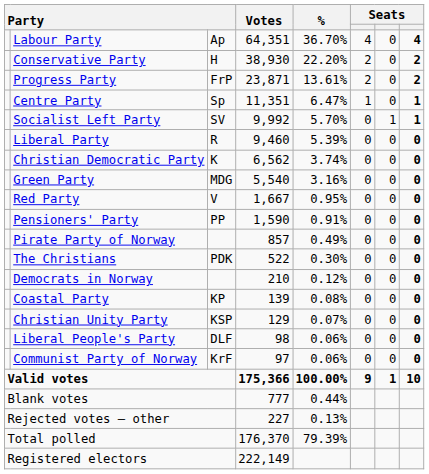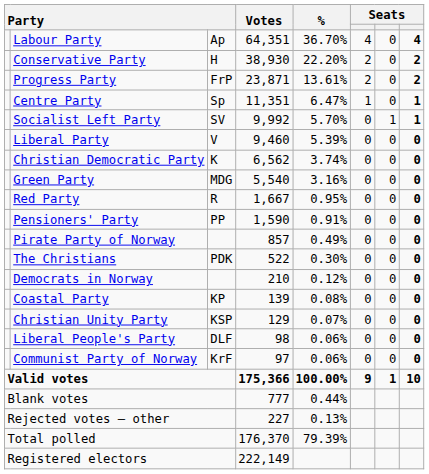 <table class="wikitable" border="1" style="text-align:right;">
 <tr>
 <th style="text-align:left;" valign=bottom rowspan=2 colspan=3>Party</th>
 <th align=center valign=bottom rowspan=2 width="50">Votes</th>
 <th align=center valign=bottom rowspan=2 width="50">%</th>
 <th colspan=3>Seats</th>
 </tr>
 <tr>
 <th align=center valign=bottom width="20"><small></small></th>
 <th align=center valign=bottom width="20"><small><a href='#'></a></small></th>
 <th align=center valign=bottom width="20"><small></small></th>
 </tr>
 <tr>
 <td style="color:inherit;background:"></td>
 <td align=left><a href='#'>Labour Party</a></td>
 <td align=left>Ap</td>
 <td>64,351</td>
 <td>36.70%</td>
 <td>4</td>
 <td>0</td>
 <td><strong>4</strong></td>
 </tr>
 <tr>
 <td style="color:inherit;background:"></td>
 <td align=left><a href='#'>Conservative Party</a></td>
 <td align=left>H</td>
 <td>38,930</td>
 <td>22.20%</td>
 <td>2</td>
 <td>0</td>
 <td><strong>2</strong></td>
 </tr>
 <tr>
 <td style="color:inherit;background:"></td>
 <td align=left><a href='#'>Progress Party</a></td>
 <td align=left>FrP</td>
 <td>23,871</td>
 <td>13.61%</td>
 <td>2</td>
 <td>0</td>
 <td><strong>2</strong></td>
 </tr>
 <tr>
 <td style="color:inherit;background:"></td>
 <td align=left><a href='#'>Centre Party</a></td>
 <td align=left>Sp</td>
 <td>11,351</td>
 <td>6.47%</td>
 <td>1</td>
 <td>0</td>
 <td><strong>1</strong></td>
 </tr>
 <tr>
 <td style="color:inherit;background:"></td>
 <td align=left><a href='#'>Socialist Left Party</a></td>
 <td align=left>SV</td>
 <td>9,992</td>
 <td>5.70%</td>
 <td>0</td>
 <td>1</td>
 <td><strong>1</strong></td>
 </tr>
 <tr>
 <td style="color:inherit;background:"></td>
 <td align=left><a href='#'>Liberal Party</a></td>
-<td align=left>R</td>
+<td align=left>V</td>
 <td>9,460</td>
 <td>5.39%</td>
 <td>0</td>
 <td>0</td>
 <td><strong>0</strong></td>
 </tr>
 <tr>
 <td style="color:inherit;background:"></td>
 <td align=left><a href='#'>Christian Democratic Party</a></td>
 <td align=left>K</td>
 <td>6,562</td>
 <td>3.74%</td>
 <td>0</td>
 <td>0</td>
 <td><strong>0</strong></td>
 </tr>
 <tr>
 <td style="color:inherit;background:"></td>
 <td align=left><a href='#'>Green Party</a></td>
 <td align=left>MDG</td>
 <td>5,540</td>
 <td>3.16%</td>
 <td>0</td>
 <td>0</td>
 <td><strong>0</strong></td>
 </tr>
 <tr>
 <td style="color:inherit;background:"></td>
 <td align=left><a href='#'>Red Party</a></td>
-<td align=left>V</td>
+<td align=left>R</td>
 <td>1,667</td>
 <td>0.95%</td>
 <td>0</td>
 <td>0</td>
 <td><strong>0</strong></td>
 </tr>
 <tr>
 <td style="color:inherit;background:"></td>
 <td align=left><a href='#'>Pensioners' Party</a></td>
 <td align=left>PP</td>
 <td>1,590</td>
 <td>0.91%</td>
 <td>0</td>
 <td>0</td>
 <td><strong>0</strong></td>
 </tr>
 <tr>
 <td style="color:inherit;background:"></td>
 <td align=left><a href='#'>Pirate Party of Norway</a></td>
 <td align=left></td>
 <td>857</td>
 <td>0.49%</td>
 <td>0</td>
 <td>0</td>
 <td><strong>0</strong></td>
 </tr>
 <tr>
 <td style="color:inherit;background:"></td>
 <td align=left><a href='#'>The Christians</a></td>
 <td align=left>PDK</td>
 <td>522</td>
 <td>0.30%</td>
 <td>0</td>
 <td>0</td>
 <td><strong>0</strong></td>
 </tr>
 <tr>
 <td style="color:inherit;background:"></td>
 <td align=left><a href='#'>Democrats in Norway</a></td>
 <td align=left></td>
 <td>210</td>
 <td>0.12%</td>
 <td>0</td>
 <td>0</td>
 <td><strong>0</strong></td>
 </tr>
 <tr>
 <td style="color:inherit;background:"></td>
 <td align=left><a href='#'>Coastal Party</a></td>
 <td align=left>KP</td>
 <td>139</td>
 <td>0.08%</td>
 <td>0</td>
 <td>0</td>
 <td><strong>0</strong></td>
 </tr>
 <tr>
 <td style="color:inherit;background:"></td>
 <td align=left><a href='#'>Christian Unity Party</a></td>
 <td align=left>KSP</td>
 <td>129</td>
 <td>0.07%</td>
 <td>0</td>
 <td>0</td>
 <td><strong>0</strong></td>
 </tr>
 <tr>
 <td style="color:inherit;background:"></td>
 <td align=left><a href='#'>Liberal People's Party</a></td>
 <td align=left>DLF</td>
 <td>98</td>
 <td>0.06%</td>
 <td>0</td>
 <td>0</td>
 <td><strong>0</strong></td>
 </tr>
 <tr>
 <td style="color:inherit;background:"></td>
 <td align=left><a href='#'>Communist Party of Norway</a></td>
 <td align=left>KrF</td>
 <td>97</td>
 <td>0.06%</td>
 <td>0</td>
 <td>0</td>
 <td><strong>0</strong></td>
 </tr>
 <tr style="font-weight:bold">
 <td align=left colspan=3>Valid votes</td>
 <td>175,366</td>
 <td>100.00%</td>
 <td>9</td>
 <td>1</td>
 <td>10</td>
 </tr>
 <tr>
 <td align=left colspan=3>Blank votes</td>
 <td>777</td>
 <td>0.44%</td>
 <td></td>
 <td></td>
 <td></td>
 </tr>
 <tr>
 <td align=left colspan=3>Rejected votes – other</td>
 <td>227</td>
 <td>0.13%</td>
 <td></td>
 <td></td>
 <td></td>
 </tr>
 <tr>
 <td align=left colspan=3>Total polled</td>
 <td>176,370</td>
 <td>79.39%</td>
 <td></td>
 <td></td>
 <td></td>
 </tr>
 <tr>
 <td align=left colspan=3>Registered electors</td>
 <td>222,149</td>
 <td></td>
 <td></td>
 <td></td>
 <td></td>
 </tr>
 </table>
